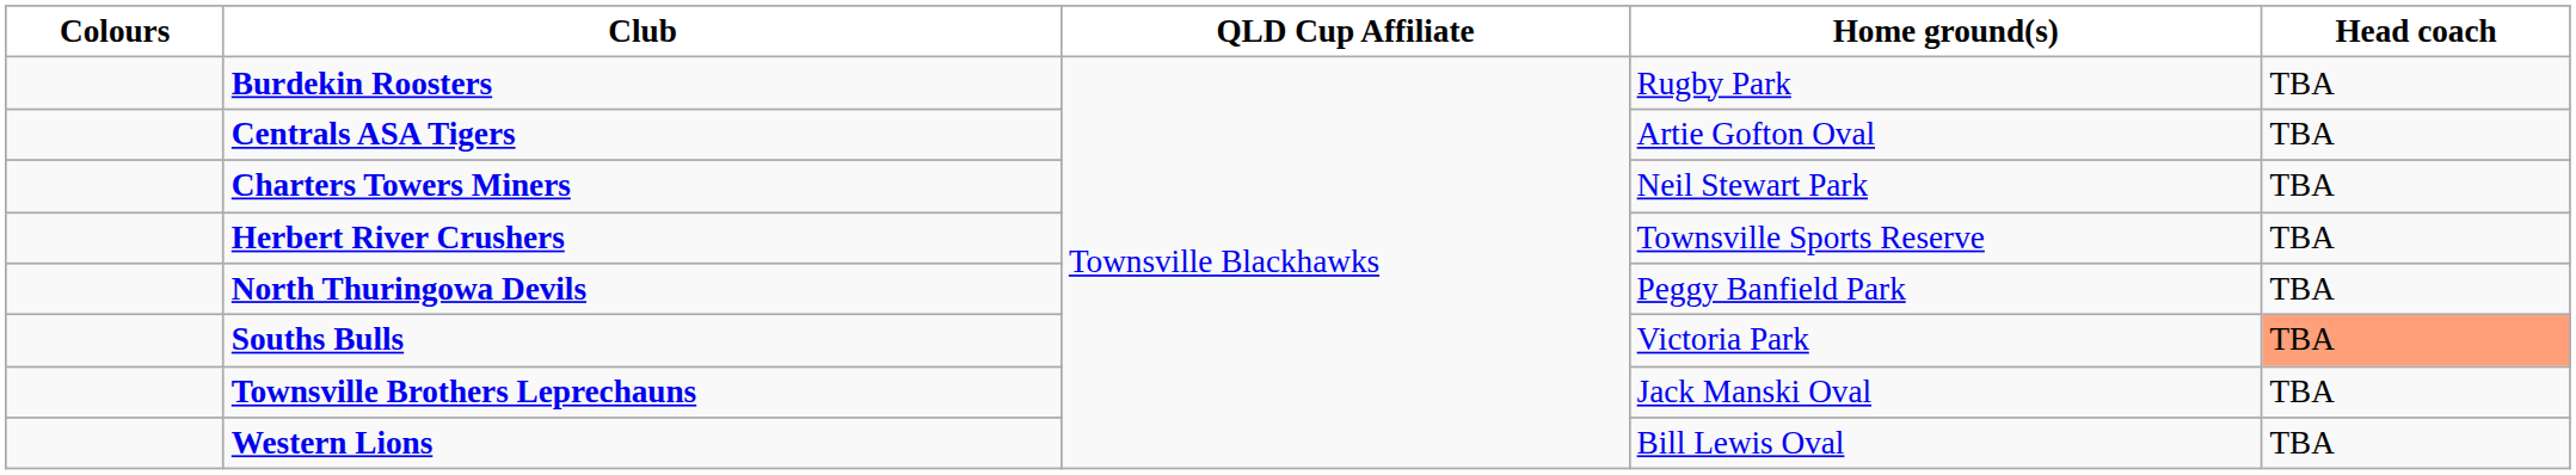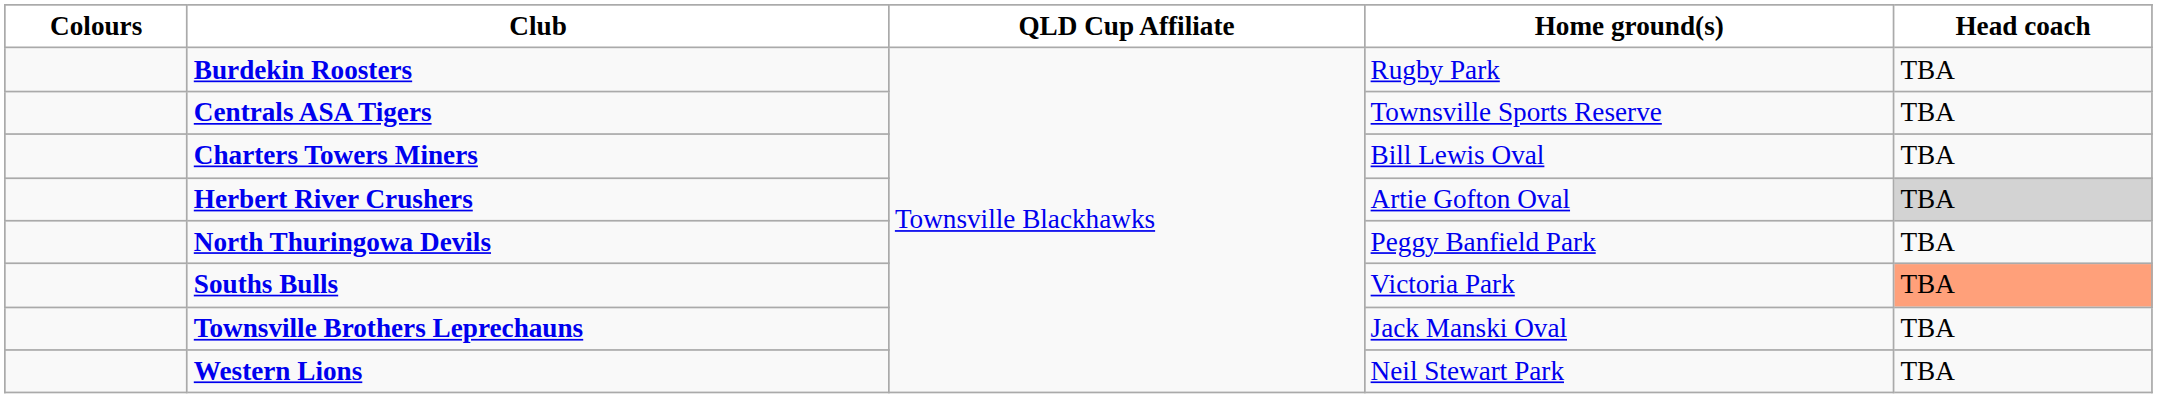 <table class="wikitable" style="width:100%; text-align:left">
 <tr>
 <th style="background:white">Colours</th>
 <th style="background:white">Club</th>
 <th style="background:white">QLD Cup Affiliate</th>
 <th style="background:white">Home ground(s)</th>
 <th style="background:white">Head coach</th>
 </tr>
 <tr>
 <td></td>
 <td><strong><a href='#'>Burdekin Roosters</a></strong></td>
 <td rowspan="8"> <a href='#'>Townsville Blackhawks</a></td>
 <td><a href='#'>Rugby Park</a></td>
 <td>TBA</td>
 </tr>
 <tr>
 <td></td>
 <td><strong><a href='#'>Centrals ASA Tigers</a></strong></td>
-<td><a href='#'>Artie Gofton Oval</a></td>
+<td><a href='#'>Townsville Sports Reserve</a></td>
 <td>TBA</td>
 </tr>
 <tr>
 <td></td>
 <td><strong><a href='#'>Charters Towers Miners</a></strong></td>
-<td><a href='#'>Neil Stewart Park</a></td>
+<td><a href='#'>Bill Lewis Oval</a></td>
 <td>TBA</td>
 </tr>
 <tr>
 <td></td>
 <td><strong><a href='#'>Herbert River Crushers</a></strong></td>
-<td><a href='#'>Townsville Sports Reserve</a></td>
-<td>TBA</td>
+<td><a href='#'>Artie Gofton Oval</a></td>
+<td style="background: lightgrey;">TBA</td>
 </tr>
 <tr>
 <td></td>
 <td><strong><a href='#'>North Thuringowa Devils</a></strong></td>
 <td><a href='#'>Peggy Banfield Park</a></td>
 <td>TBA</td>
 </tr>
 <tr>
 <td></td>
 <td><strong><a href='#'>Souths Bulls</a></strong></td>
 <td><a href='#'>Victoria Park</a></td>
 <td style="background: lightsalmon;">TBA</td>
 </tr>
 <tr>
 <td></td>
 <td><strong><a href='#'>Townsville Brothers Leprechauns</a></strong></td>
 <td><a href='#'>Jack Manski Oval</a></td>
 <td>TBA</td>
 </tr>
 <tr>
 <td></td>
 <td><strong><a href='#'>Western Lions</a></strong></td>
-<td><a href='#'>Bill Lewis Oval</a></td>
+<td><a href='#'>Neil Stewart Park</a></td>
 <td>TBA</td>
 </tr>
 </table>
